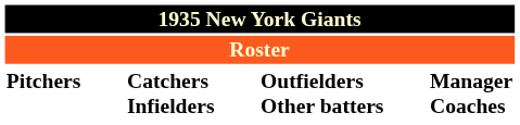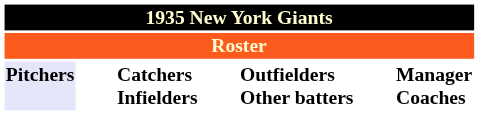 <table class="toccolours" style="font-size: 95%;">
 <tr>
 <th colspan="10" style="background-color: black; color: #FFFDD0; text-align: center;">1935 New York Giants</th>
 </tr>
 <tr>
 <td colspan="10" style="background-color: #fd5a1e; color: #FFFDD0; text-align: center;"><strong>Roster</strong></td>
 </tr>
 <tr>
-<td valign="top"><strong>Pitchers</strong><br>           </td>
+<td valign="top" style="background: lavender;"><strong>Pitchers</strong><br>           </td>
 <td width="25px"></td>
 <td valign="top"><strong>Catchers</strong><br>    <strong>Infielders</strong>       </td>
 <td width="25px"></td>
 <td valign="top"><strong>Outfielders</strong><br>    <strong>Other batters</strong> </td>
 <td width="25px"></td>
 <td valign="top"><strong>Manager</strong><br> <strong>Coaches</strong>  </td>
 </tr>
 </table>
